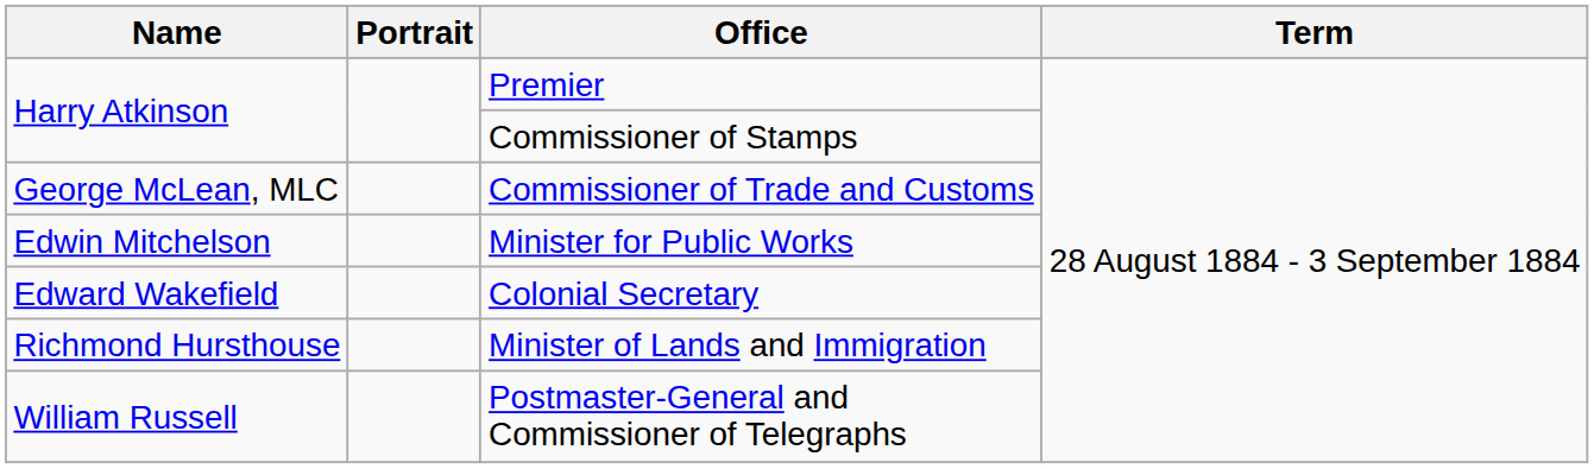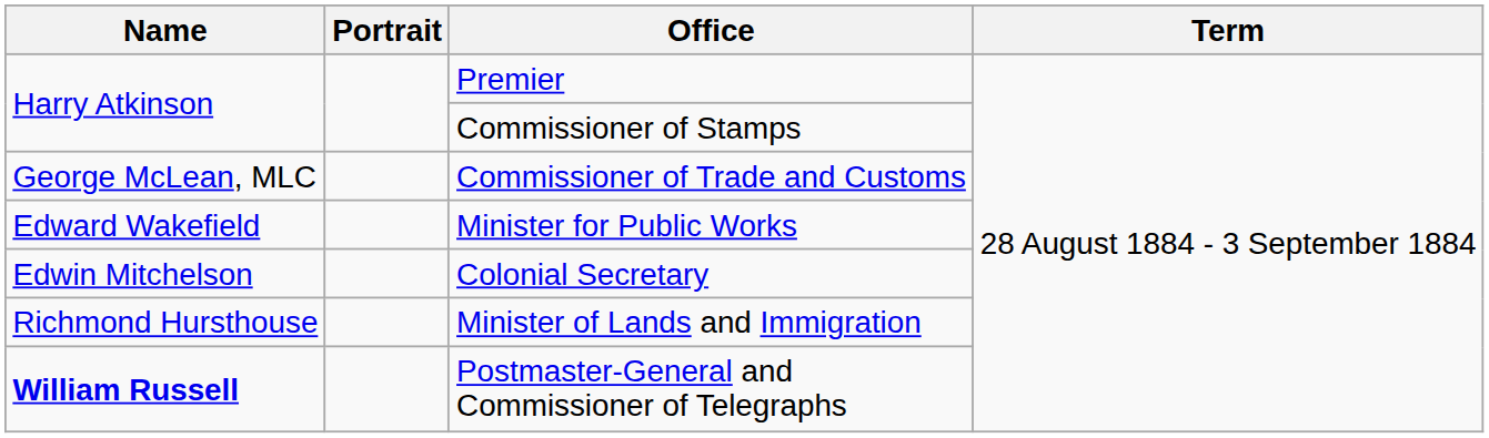 <table class=wikitable style="font-size: 95%;">
 <tr>
 <th>Name</th>
 <th>Portrait</th>
 <th>Office</th>
 <th>Term</th>
 </tr>
 <tr>
 <td rowspan=2><a href='#'>Harry Atkinson</a></td>
 <td rowspan=2></td>
 <td><a href='#'>Premier</a></td>
 <td rowspan=7>28 August 1884 - 3 September 1884</td>
 </tr>
 <tr>
 <td>Commissioner of Stamps</td>
 </tr>
 <tr>
 <td><a href='#'>George McLean</a>, MLC</td>
 <td></td>
 <td><a href='#'>Commissioner of Trade and Customs</a></td>
 </tr>
 <tr>
-<td><a href='#'>Edwin Mitchelson</a></td>
+<td><a href='#'>Edward Wakefield</a></td>
 <td></td>
 <td><a href='#'>Minister for Public Works</a></td>
 </tr>
 <tr>
-<td><a href='#'>Edward Wakefield</a></td>
+<td><a href='#'>Edwin Mitchelson</a></td>
 <td></td>
 <td><a href='#'>Colonial Secretary</a></td>
 </tr>
 <tr>
 <td><a href='#'>Richmond Hursthouse</a></td>
 <td></td>
 <td><a href='#'>Minister of Lands</a> and <a href='#'>Immigration</a></td>
 </tr>
 <tr>
-<td><a href='#'>William Russell</a></td>
+<td><strong><a href='#'>William Russell</a></strong></td>
 <td></td>
 <td><a href='#'>Postmaster-General</a> and <br>Commissioner of Telegraphs</td>
 </tr>
 </table>
